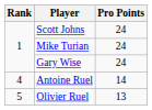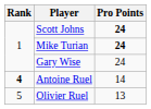 <table class="wikitable">
 <tr>
 <th>Rank</th>
 <th>Player</th>
 <th>Pro Points</th>
 </tr>
 <tr>
 <td align=center rowspan=3>1</td>
 <td> <a href='#'>Scott Johns</a></td>
-<td align=center>24</td>
+<td align=center><strong>24</strong></td>
 </tr>
 <tr>
 <td> <a href='#'>Mike Turian</a></td>
-<td align=center>24</td>
+<td align=center><strong>24</strong></td>
 </tr>
 <tr>
 <td> <a href='#'>Gary Wise</a></td>
 <td align=center>24</td>
 </tr>
 <tr>
-<td align=center>4</td>
+<td align=center><strong>4</strong></td>
 <td> <a href='#'>Antoine Ruel</a></td>
 <td align=center>14</td>
 </tr>
 <tr>
 <td align=center>5</td>
 <td> <a href='#'>Olivier Ruel</a></td>
 <td align=center>13</td>
 </tr>
 </table>
